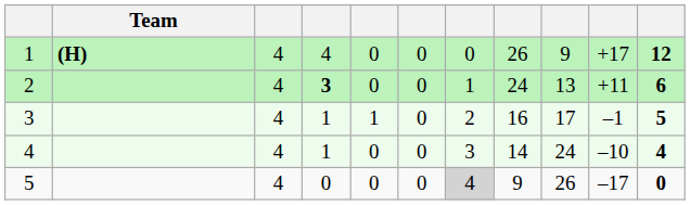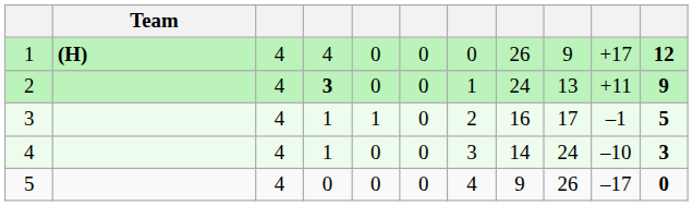 <table class="wikitable" style="text-align: center; font-size: 100%;">
 <tr>
 <th width="30"></th>
 <th width="150">Team</th>
 <th width="30"></th>
 <th width="30"></th>
 <th width="30"></th>
 <th width="30"></th>
 <th width="30"></th>
 <th width="30"></th>
 <th width="30"></th>
 <th width="30"></th>
 <th width="30"></th>
 </tr>
 <tr style="background-color: #bbf3bb">
 <td>1</td>
 <td align="left"> <strong>(H)</strong></td>
 <td>4</td>
 <td>4</td>
 <td>0</td>
 <td>0</td>
 <td>0</td>
 <td>26</td>
 <td>9</td>
 <td>+17</td>
 <td><strong>12</strong></td>
 </tr>
 <tr style="background-color: #bbf3bb">
 <td>2</td>
 <td align="left"></td>
 <td>4</td>
 <td><strong>3</strong></td>
 <td>0</td>
 <td>0</td>
 <td>1</td>
 <td>24</td>
 <td>13</td>
 <td>+11</td>
-<td><strong>6</strong></td>
+<td><strong>9</strong></td>
 </tr>
 <tr style="background-color: #edfced">
 <td>3</td>
 <td align="left"></td>
 <td>4</td>
 <td>1</td>
 <td>1</td>
 <td>0</td>
 <td>2</td>
 <td>16</td>
 <td>17</td>
 <td>–1</td>
 <td><strong>5</strong></td>
 </tr>
 <tr style="background-color: #edfced">
 <td>4</td>
 <td align="left"></td>
 <td>4</td>
 <td>1</td>
 <td>0</td>
 <td>0</td>
 <td>3</td>
 <td>14</td>
 <td>24</td>
 <td>–10</td>
-<td><strong>4</strong></td>
+<td><strong>3</strong></td>
 </tr>
 <tr>
 <td>5</td>
 <td align="left"></td>
 <td>4</td>
 <td>0</td>
 <td>0</td>
 <td>0</td>
-<td style="background: lightgrey;">4</td>
+<td>4</td>
 <td>9</td>
 <td>26</td>
 <td>–17</td>
 <td><strong>0</strong></td>
 </tr>
 </table>
